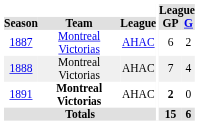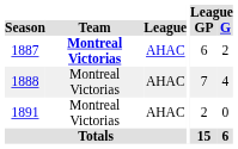 <table BORDER="0" CELLPADDING="0" CELLSPACING="0" width="30%">
 <tr bgcolor="#e0e0e0">
 <th colspan="3" bgcolor="#ffffff"> </th>
 <th rowspan="99" bgcolor="#ffffff"> </th>
 <th colspan="2">League</th>
 </tr>
 <tr bgcolor="#e0e0e0">
 <th>Season</th>
 <th>Team</th>
 <th>League</th>
 <th>GP</th>
 <th><a href='#'>G</a></th>
 </tr>
 <tr ALIGN="center">
 <td><a href='#'>1887</a></td>
-<td><a href='#'>Montreal Victorias</a></td>
+<td><strong><a href='#'>Montreal Victorias</a></strong></td>
 <td><a href='#'>AHAC</a></td>
 <td>6</td>
 <td>2</td>
 </tr>
 <tr ALIGN="center"  bgcolor="#f0f0f0">
 <td><a href='#'>1888</a></td>
 <td>Montreal Victorias</td>
 <td>AHAC</td>
 <td>7</td>
 <td>4</td>
 </tr>
 <tr ALIGN="center">
 <td><a href='#'>1891</a></td>
-<td><strong>Montreal Victorias</strong></td>
+<td>Montreal Victorias</td>
 <td>AHAC</td>
-<td><strong>2</strong></td>
+<td>2</td>
 <td>0</td>
 </tr>
 <tr bgcolor="#e0e0e0">
 <th colspan="3">Totals</th>
 <th>15</th>
 <th>6</th>
 </tr>
 </table>
